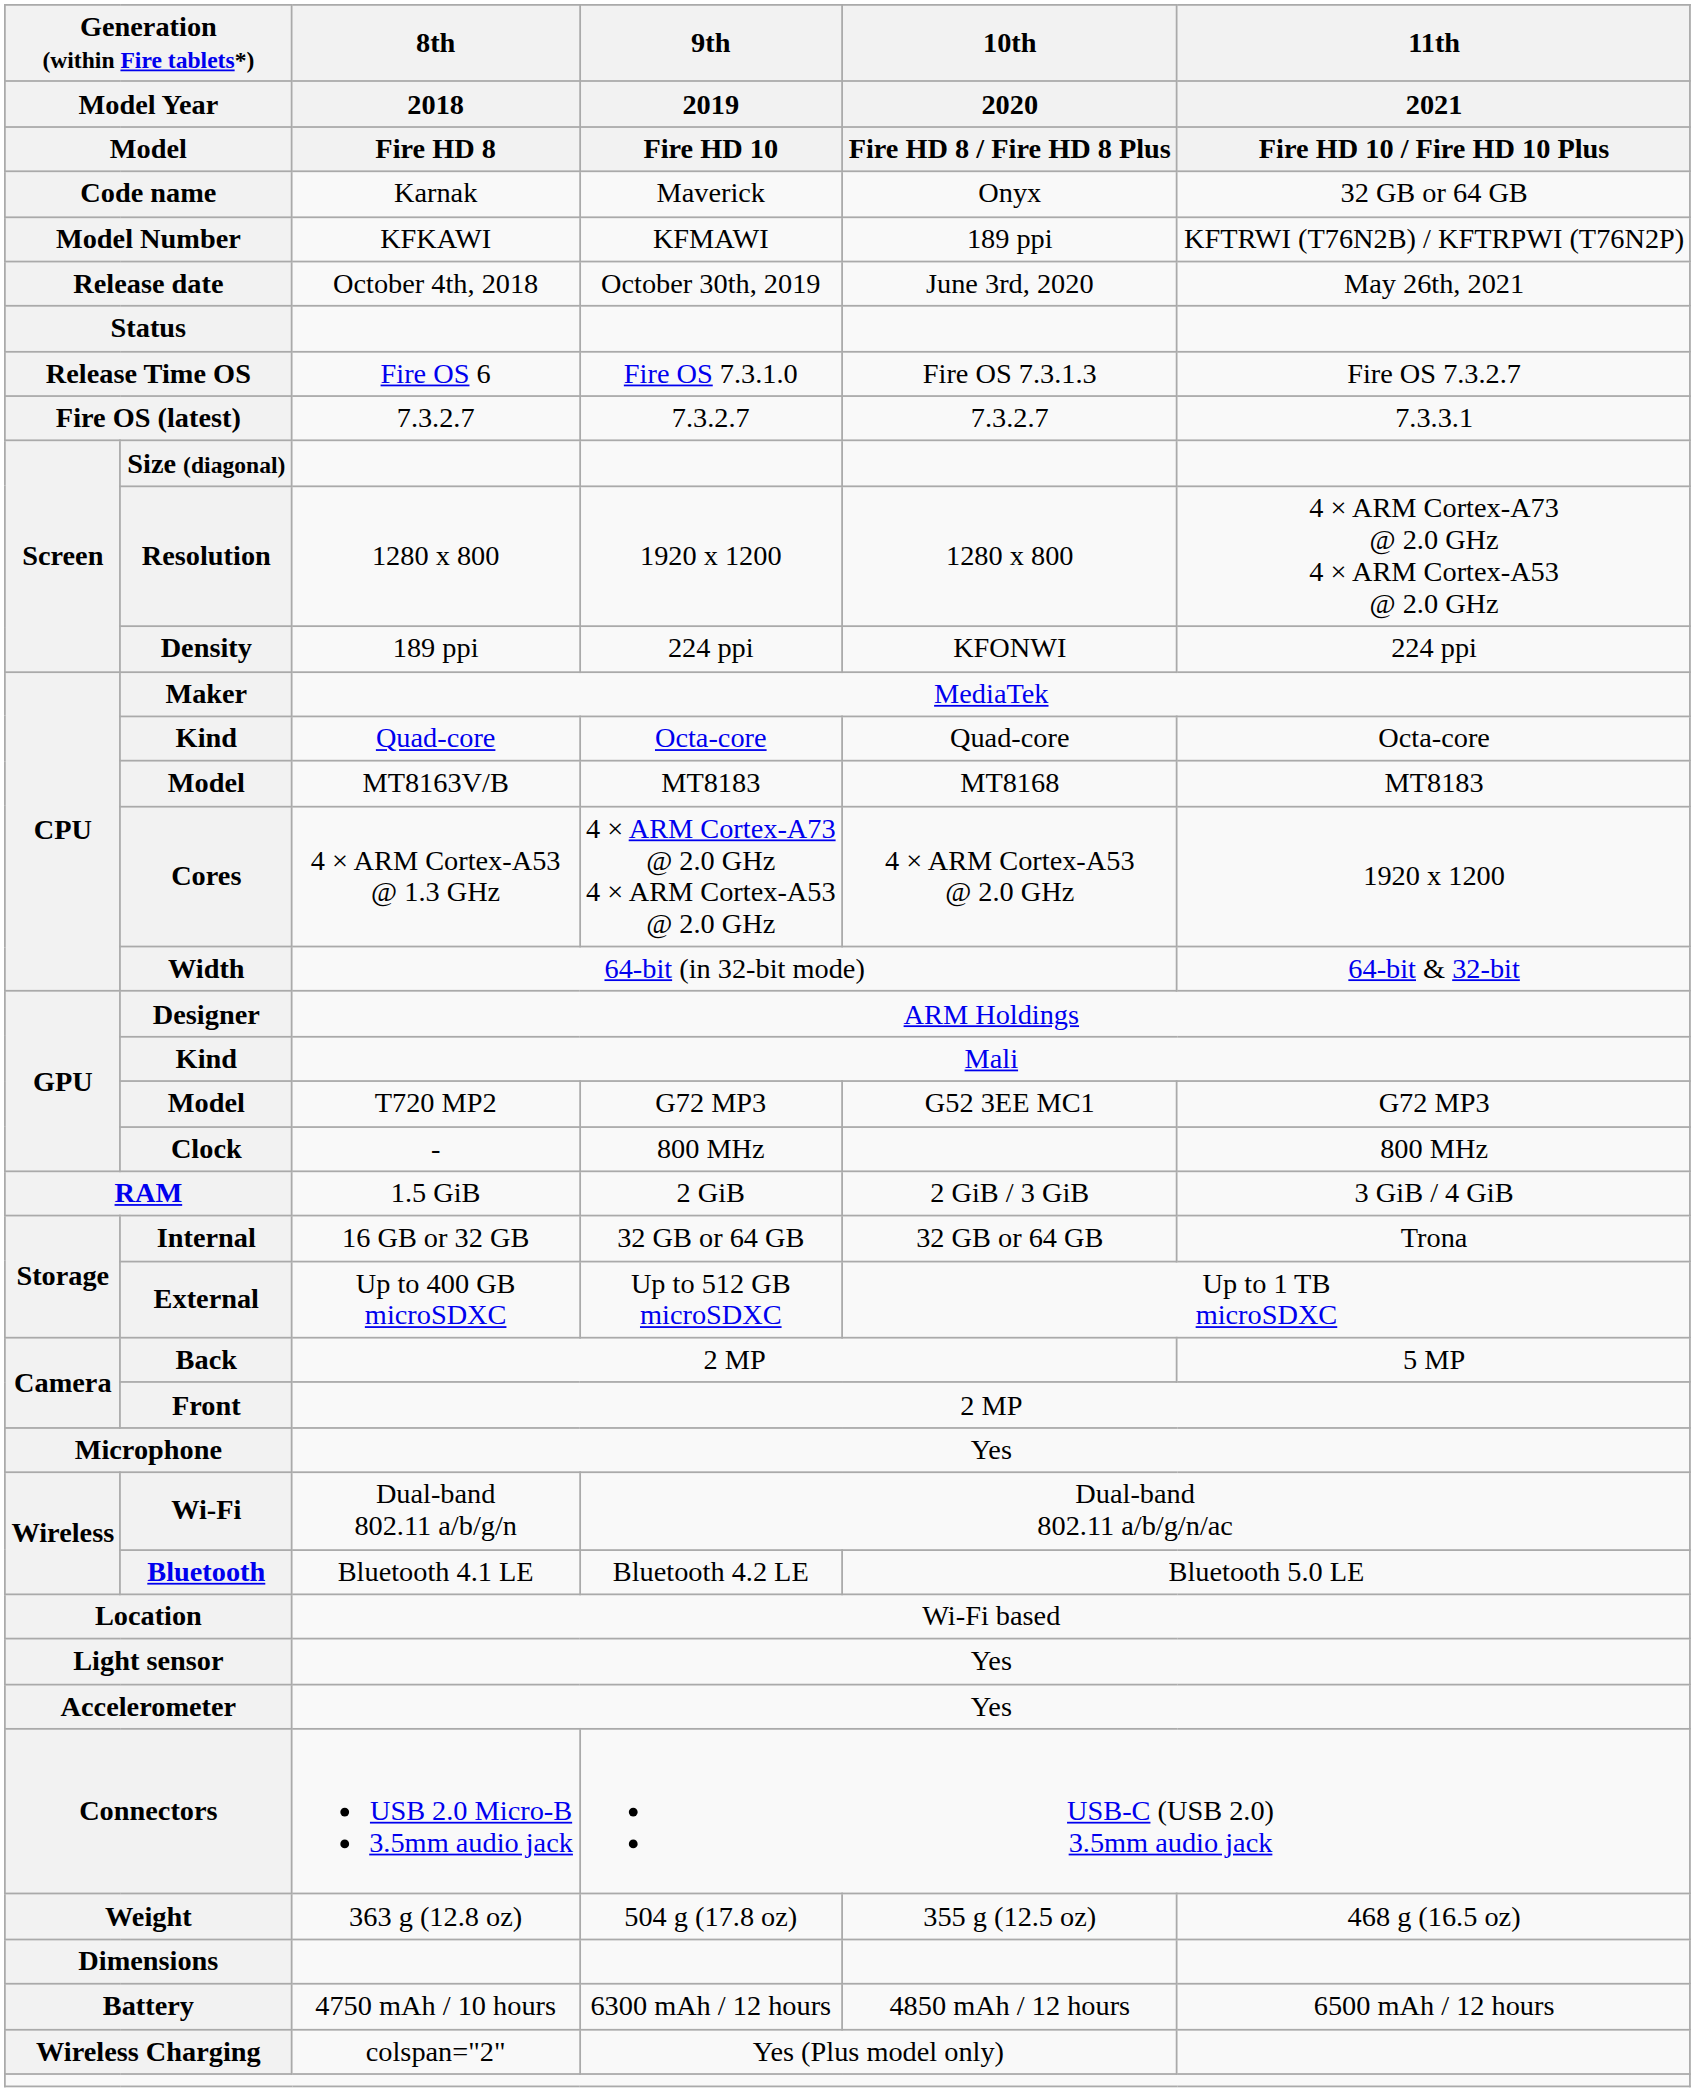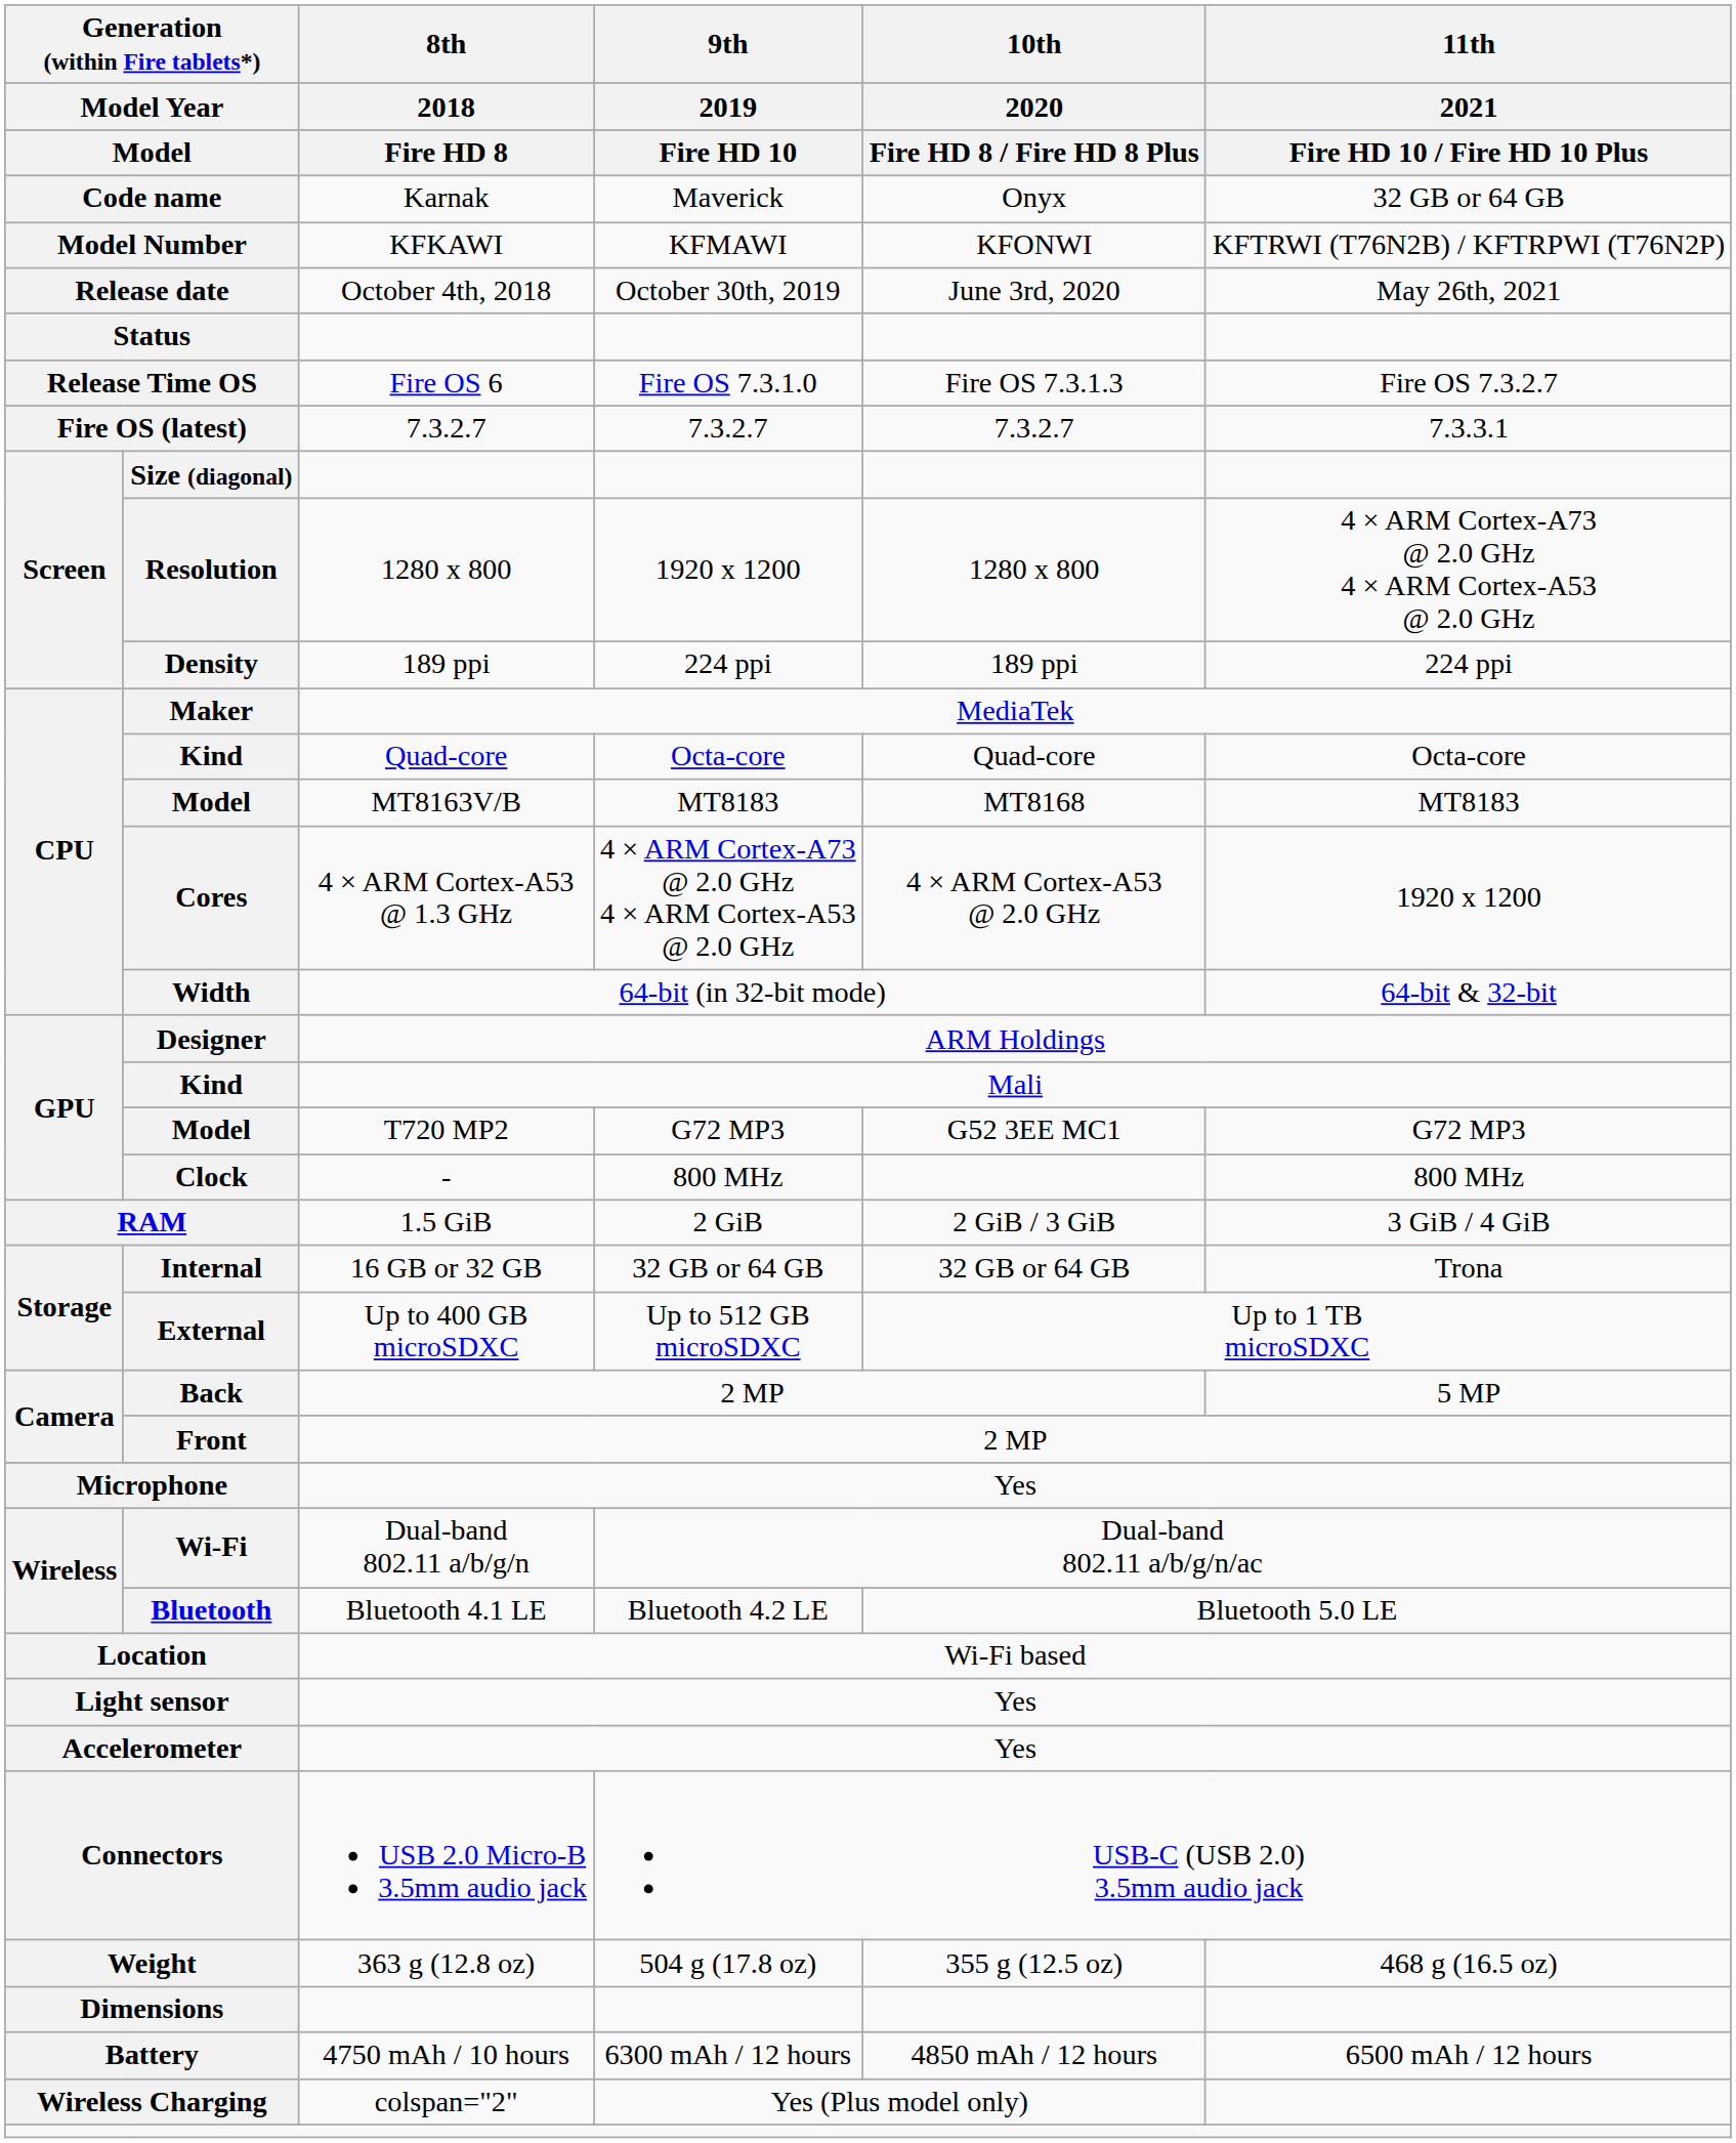 <table class="wikitable mw-collapsible mw-collapsed" style="text-align:center;">
 <tr>
 <th colspan="2">Generation<br><small>(within <a href='#'>Fire tablets</a>*)</small></th>
 <th>8th</th>
 <th>9th</th>
 <th>10th</th>
 <th>11th</th>
 </tr>
 <tr>
 <th colspan="2">Model Year</th>
 <th>2018</th>
 <th>2019</th>
 <th>2020</th>
 <th>2021</th>
 </tr>
 <tr>
 <th colspan="2">Model</th>
 <th>Fire HD 8</th>
 <th>Fire HD 10</th>
 <th>Fire HD 8 / Fire HD 8 Plus</th>
 <th>Fire HD 10 / Fire HD 10 Plus</th>
 </tr>
 <tr>
 <th colspan="2">Code name</th>
 <td>Karnak</td>
 <td>Maverick</td>
 <td>Onyx</td>
 <td>32 GB or 64 GB</td>
 </tr>
 <tr>
 <th colspan="2">Model Number</th>
 <td>KFKAWI</td>
 <td>KFMAWI</td>
-<td>189 ppi</td>
+<td>KFONWI</td>
 <td>KFTRWI (T76N2B) / KFTRPWI (T76N2P)</td>
 </tr>
 <tr>
 <th colspan="2">Release date</th>
 <td>October 4th, 2018</td>
 <td>October 30th, 2019</td>
 <td>June 3rd, 2020</td>
 <td>May 26th, 2021</td>
 </tr>
 <tr>
 <th colspan="2">Status</th>
 <td></td>
 <td></td>
 <td></td>
 <td></td>
 </tr>
 <tr>
 <th colspan="2">Release Time OS</th>
 <td><a href='#'>Fire OS</a> 6</td>
 <td><a href='#'>Fire OS</a> 7.3.1.0</td>
 <td>Fire OS 7.3.1.3</td>
 <td>Fire OS 7.3.2.7</td>
 </tr>
 <tr>
 <th colspan="2">Fire OS (latest)</th>
 <td>7.3.2.7 </td>
 <td>7.3.2.7</td>
 <td>7.3.2.7</td>
 <td>7.3.3.1</td>
 </tr>
 <tr>
 <th rowspan="3">Screen</th>
 <th colspan="1">Size <small>(diagonal)</small></th>
 <td></td>
 <td></td>
 <td></td>
 <td></td>
 </tr>
 <tr>
 <th colspan="1">Resolution</th>
 <td>1280 x 800</td>
 <td>1920 x 1200</td>
 <td>1280 x 800</td>
 <td>4 × ARM Cortex-A73<br>@ 2.0 GHz <br> 4 × ARM Cortex-A53<br>@ 2.0 GHz</td>
 </tr>
 <tr>
 <th colspan="1">Density</th>
 <td>189 ppi</td>
 <td>224 ppi</td>
-<td>KFONWI</td>
+<td>189 ppi</td>
 <td>224 ppi</td>
 </tr>
 <tr>
 <th colspan="1" rowspan="5">CPU</th>
 <th colspan="1">Maker</th>
 <td colspan="4"><a href='#'>MediaTek</a></td>
 </tr>
 <tr>
 <th colspan="1">Kind</th>
 <td><a href='#'>Quad-core</a></td>
 <td><a href='#'>Octa-core</a></td>
 <td>Quad-core</td>
 <td>Octa-core</td>
 </tr>
 <tr>
 <th colspan="1">Model</th>
 <td>MT8163V/B</td>
 <td>MT8183</td>
 <td>MT8168</td>
 <td>MT8183</td>
 </tr>
 <tr>
 <th colspan="1">Cores</th>
 <td>4 × ARM Cortex-A53<br>@ 1.3 GHz</td>
 <td>4 × <a href='#'>ARM Cortex-A73</a><br>@ 2.0 GHz <br> 4 × ARM Cortex-A53<br>@ 2.0 GHz</td>
 <td>4 × ARM Cortex-A53<br>@ 2.0 GHz</td>
 <td>1920 x 1200</td>
 </tr>
 <tr>
 <th colspan="1">Width</th>
 <td colspan="3"><a href='#'>64-bit</a> (in 32-bit mode)</td>
 <td><a href='#'>64-bit</a> & <a href='#'>32-bit</a></td>
 </tr>
 <tr>
 <th colspan="1" rowspan="4">GPU</th>
 <th colspan="1">Designer</th>
 <td colspan="4"><a href='#'>ARM Holdings</a></td>
 </tr>
 <tr>
 <th colspan="1">Kind</th>
 <td colspan="5"><a href='#'>Mali</a></td>
 </tr>
 <tr>
 <th colspan="1">Model</th>
 <td>T720 MP2</td>
 <td>G72 MP3</td>
 <td>G52 3EE MC1</td>
 <td>G72 MP3</td>
 </tr>
 <tr>
 <th colspan="1">Clock</th>
 <td>-</td>
 <td>800 MHz</td>
 <td></td>
 <td>800 MHz</td>
 </tr>
 <tr>
 <th colspan="2"><a href='#'>RAM</a></th>
 <td>1.5 GiB</td>
 <td>2 GiB</td>
 <td>2 GiB / 3 GiB</td>
 <td>3 GiB / 4 GiB</td>
 </tr>
 <tr>
 <th rowspan="2">Storage</th>
 <th rowspan="1">Internal</th>
 <td>16 GB or 32 GB</td>
 <td>32 GB or 64 GB</td>
 <td>32 GB or 64 GB</td>
 <td>Trona</td>
 </tr>
 <tr>
 <th colspan="1">External</th>
 <td>Up to 400 GB<br><a href='#'>microSDXC</a></td>
 <td>Up to 512 GB<br><a href='#'>microSDXC</a></td>
 <td colspan="2">Up to 1 TB<br><a href='#'>microSDXC</a></td>
 </tr>
 <tr>
 <th colspan="1" rowspan="2">Camera</th>
 <th colspan="1">Back</th>
 <td colspan="3">2 MP</td>
 <td>5 MP</td>
 </tr>
 <tr>
 <th colspan="1">Front</th>
 <td colspan="4">2 MP</td>
 </tr>
 <tr>
 <th colspan="2">Microphone</th>
 <td colspan="4">Yes</td>
 </tr>
 <tr>
 <th colspan="1" rowspan="2">Wireless</th>
 <th>Wi-Fi</th>
 <td>Dual-band<br>802.11 a/b/g/n</td>
 <td colspan="3">Dual-band<br>802.11 a/b/g/n/ac</td>
 </tr>
 <tr>
 <th colspan="1"><a href='#'>Bluetooth</a></th>
 <td>Bluetooth 4.1 LE</td>
 <td>Bluetooth 4.2 LE</td>
 <td colspan="2">Bluetooth 5.0 LE</td>
 </tr>
 <tr>
 <th colspan="2" rowspan="1">Location</th>
 <td colspan="4">Wi-Fi based</td>
 </tr>
 <tr>
 <th colspan="2">Light sensor</th>
 <td colspan="4">Yes</td>
 </tr>
 <tr>
 <th colspan="2">Accelerometer</th>
 <td colspan="4">Yes</td>
 </tr>
 <tr>
 <th colspan="2">Connectors</th>
 <td><br><ul><li><a href='#'>USB 2.0 Micro-B</a></li><li><a href='#'>3.5mm audio jack</a></li></ul></td>
 <td colspan="3"><br><ul><li><a href='#'>USB-C</a> (USB 2.0)</li><li><a href='#'>3.5mm audio jack</a></li></ul></td>
 </tr>
 <tr>
 <th colspan="2" rowspan="1">Weight</th>
 <td>363 g (12.8 oz)</td>
 <td>504 g (17.8 oz)</td>
 <td>355 g (12.5 oz)</td>
 <td>468 g (16.5 oz)</td>
 </tr>
 <tr>
 <th colspan="2">Dimensions</th>
 <td></td>
 <td></td>
 <td></td>
 <td></td>
 </tr>
 <tr>
 <th colspan="2">Battery</th>
 <td>4750 mAh / 10 hours</td>
 <td>6300 mAh / 12 hours</td>
 <td>4850 mAh / 12 hours</td>
 <td>6500 mAh / 12 hours</td>
 </tr>
 <tr>
 <th colspan="2">Wireless Charging</th>
 <td>colspan="2" </td>
 <td colspan="2">Yes (Plus model only)</td>
 </tr>
 <tr>
 <td colspan="6"><small></small></td>
 </tr>
 </table>
